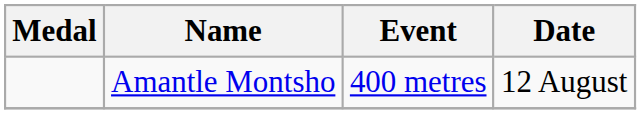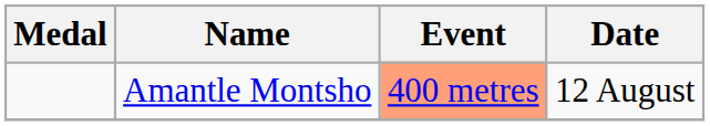 <table class="wikitable" style="font-size:90%">
 <tr>
 <th>Medal</th>
 <th>Name</th>
 <th>Event</th>
 <th>Date</th>
 </tr>
 <tr>
 <td></td>
 <td><a href='#'>Amantle Montsho</a></td>
-<td><a href='#'>400 metres</a></td>
+<td style="background: lightsalmon;"><a href='#'>400 metres</a></td>
 <td>12 August</td>
 </tr>
 <tr>
 </tr>
 </table>
